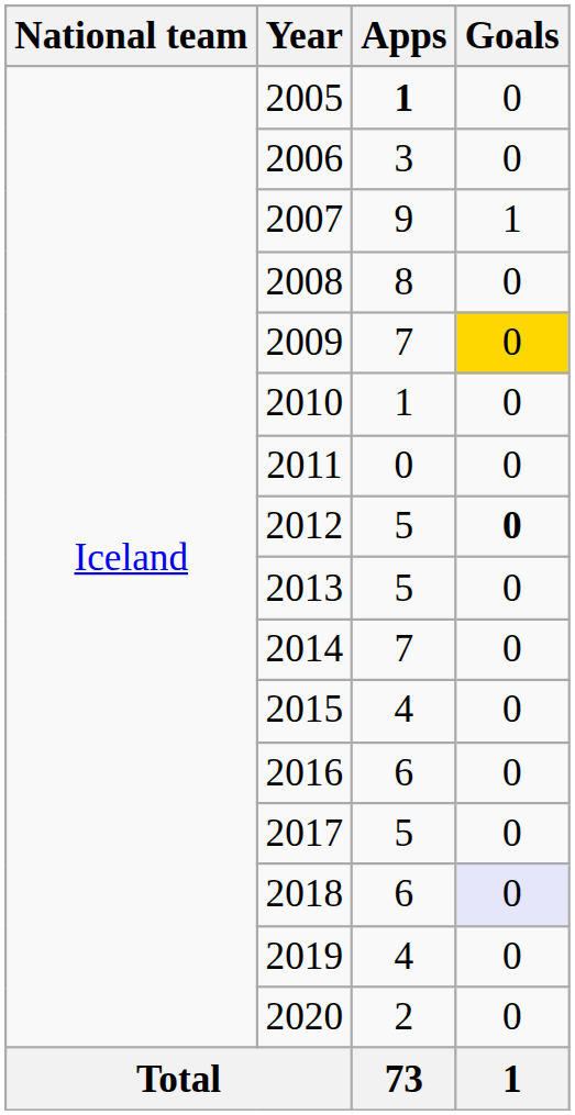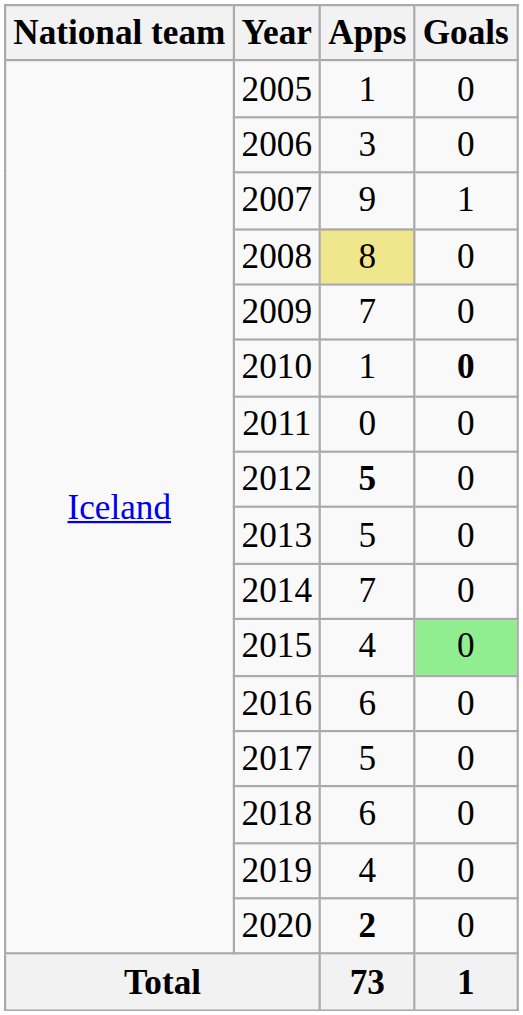 <table class="wikitable" style="text-align:center">
 <tr>
 <th>National team</th>
 <th>Year</th>
 <th>Apps</th>
 <th>Goals</th>
 </tr>
 <tr>
 <td rowspan="16"><a href='#'>Iceland</a></td>
 <td>2005</td>
-<td><strong>1</strong></td>
+<td>1</td>
 <td>0</td>
 </tr>
 <tr>
 <td>2006</td>
 <td>3</td>
 <td>0</td>
 </tr>
 <tr>
 <td>2007</td>
 <td>9</td>
 <td>1</td>
 </tr>
 <tr>
 <td>2008</td>
-<td>8</td>
+<td style="background: khaki;">8</td>
 <td>0</td>
 </tr>
 <tr>
 <td>2009</td>
 <td>7</td>
-<td style="background: gold;">0</td>
+<td>0</td>
 </tr>
 <tr>
 <td>2010</td>
 <td>1</td>
-<td>0</td>
+<td><strong>0</strong></td>
 </tr>
 <tr>
 <td>2011</td>
 <td>0</td>
 <td>0</td>
 </tr>
 <tr>
 <td>2012</td>
-<td>5</td>
-<td><strong>0</strong></td>
+<td><strong>5</strong></td>
+<td>0</td>
 </tr>
 <tr>
 <td>2013</td>
 <td>5</td>
 <td>0</td>
 </tr>
 <tr>
 <td>2014</td>
 <td>7</td>
 <td>0</td>
 </tr>
 <tr>
 <td>2015</td>
 <td>4</td>
-<td>0</td>
+<td style="background: lightgreen;">0</td>
 </tr>
 <tr>
 <td>2016</td>
 <td>6</td>
 <td>0</td>
 </tr>
 <tr>
 <td>2017</td>
 <td>5</td>
 <td>0</td>
 </tr>
 <tr>
 <td>2018</td>
 <td>6</td>
-<td style="background: lavender;">0</td>
+<td>0</td>
 </tr>
 <tr>
 <td>2019</td>
 <td>4</td>
 <td>0</td>
 </tr>
 <tr>
 <td>2020</td>
-<td>2</td>
+<td><strong>2</strong></td>
 <td>0</td>
 </tr>
 <tr>
 <th colspan="2">Total</th>
 <th>73</th>
 <th>1</th>
 </tr>
 </table>
